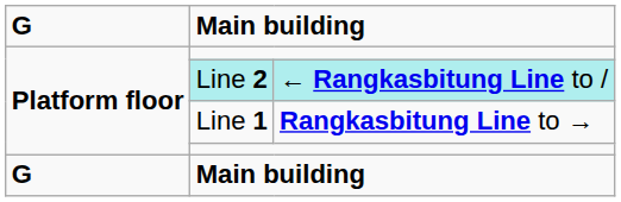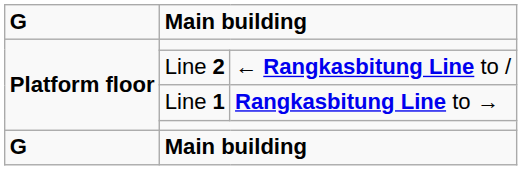 <table class="wikitable">
 <tr>
 <td><strong>G</strong></td>
 <td colspan="2"><strong>Main building</strong></td>
 </tr>
 <tr>
 <td rowspan="4"><strong>Platform floor</strong></td>
 <td colspan="2"></td>
 </tr>
 <tr>
-<td style="background: paleturquoise;">Line <strong>2</strong></td>
-<td style="background: paleturquoise;">←   <strong><a href='#'>Rangkasbitung Line</a></strong> to /</td>
+<td>Line <strong>2</strong></td>
+<td>←   <strong><a href='#'>Rangkasbitung Line</a></strong> to /</td>
 </tr>
 <tr>
 <td>Line <strong>1</strong></td>
 <td> <strong><a href='#'>Rangkasbitung Line</a></strong> to   →</td>
 </tr>
 <tr>
 <td colspan="2"></td>
 </tr>
 <tr>
 <td><strong>G</strong></td>
 <td colspan="2"><strong>Main building</strong></td>
 </tr>
 </table>
